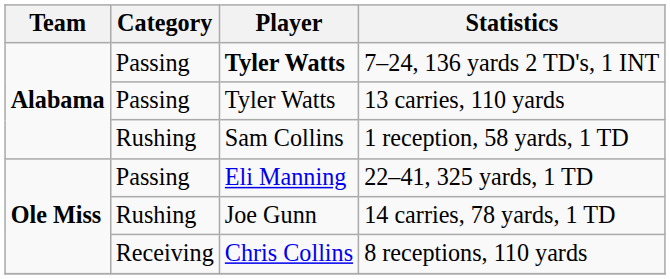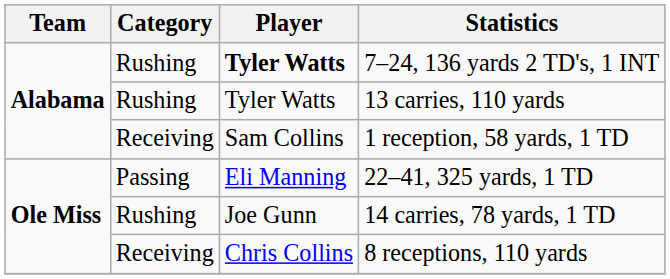 <table class="wikitable" style="float: right;">
 <tr>
 <th>Team</th>
 <th>Category</th>
 <th>Player</th>
 <th>Statistics</th>
 </tr>
 <tr>
 <td rowspan=3><strong>Alabama</strong></td>
-<td>Passing</td>
+<td>Rushing</td>
 <td><strong>Tyler Watts</strong></td>
 <td>7–24, 136 yards 2 TD's, 1 INT</td>
 </tr>
 <tr>
-<td>Passing</td>
+<td>Rushing</td>
 <td>Tyler Watts</td>
 <td>13 carries, 110 yards</td>
 </tr>
 <tr>
-<td>Rushing</td>
+<td>Receiving</td>
 <td>Sam Collins</td>
 <td>1 reception, 58 yards, 1 TD</td>
 </tr>
 <tr>
 <td rowspan=3><strong>Ole Miss</strong></td>
 <td>Passing</td>
 <td><a href='#'>Eli Manning</a></td>
 <td>22–41, 325 yards, 1 TD</td>
 </tr>
 <tr>
 <td>Rushing</td>
 <td>Joe Gunn</td>
 <td>14 carries, 78 yards, 1 TD</td>
 </tr>
 <tr>
 <td>Receiving</td>
 <td><a href='#'>Chris Collins</a></td>
 <td>8 receptions, 110 yards</td>
 </tr>
 <tr>
 </tr>
 </table>
